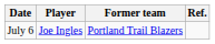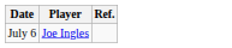 <table class="wikitable sortable sortable" style="text-align: center">
 <tr>
 <th>Date</th>
 <th>Player</th>
-<th>Former team</th>
 <th>Ref.</th>
 </tr>
 <tr>
 <td>July 6</td>
 <td><a href='#'>Joe Ingles</a></td>
-<td><a href='#'>Portland Trail Blazers</a></td>
 <td></td>
 </tr>
 </table>
